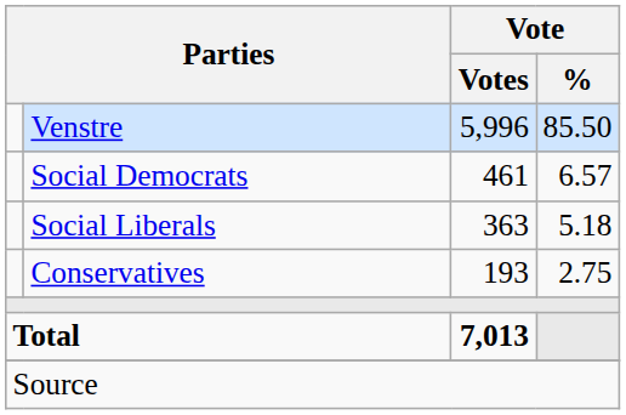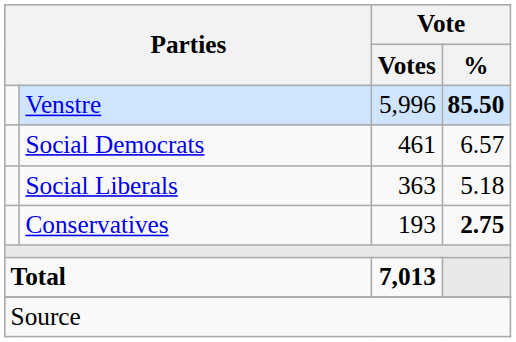 <table class="wikitable" style="text-align:right;">
 <tr>
 <th style="text-align:centre;" rowspan="2" colspan="2" width="225">Parties</th>
 <th colspan="3">Vote</th>
 </tr>
 <tr>
 <th width="15">Votes</th>
 <th width="15">%</th>
 </tr>
 <tr>
 <td width="2" style="color:inherit;background:"></td>
 <td bgcolor=#cfe5fe  align="left"><a href='#'>Venstre</a></td>
 <td bgcolor=#cfe5fe>5,996</td>
-<td bgcolor=#cfe5fe>85.50</td>
+<td bgcolor=#cfe5fe><strong>85.50</strong></td>
 </tr>
 <tr>
 <td width="2" style="color:inherit;background:"></td>
 <td align="left"><a href='#'>Social Democrats</a></td>
 <td>461</td>
 <td>6.57</td>
 </tr>
 <tr>
 <td width="2" style="color:inherit;background:"></td>
 <td align="left"><a href='#'>Social Liberals</a></td>
 <td>363</td>
 <td>5.18</td>
 </tr>
 <tr>
 <td width="2" style="color:inherit;background:"></td>
 <td align="left"><a href='#'>Conservatives</a></td>
 <td>193</td>
-<td>2.75</td>
+<td><strong>2.75</strong></td>
 </tr>
 <tr>
 <td colspan="7" bgcolor="#E9E9E9"></td>
 </tr>
 <tr>
 <td align="left" colspan="2"><strong>Total</strong></td>
 <td><strong>7,013</strong></td>
 <td bgcolor="#E9E9E9" colspan="2"></td>
 </tr>
 <tr>
 </tr>
 <tr>
 <td align="left" colspan="6">Source</td>
 </tr>
 </table>
